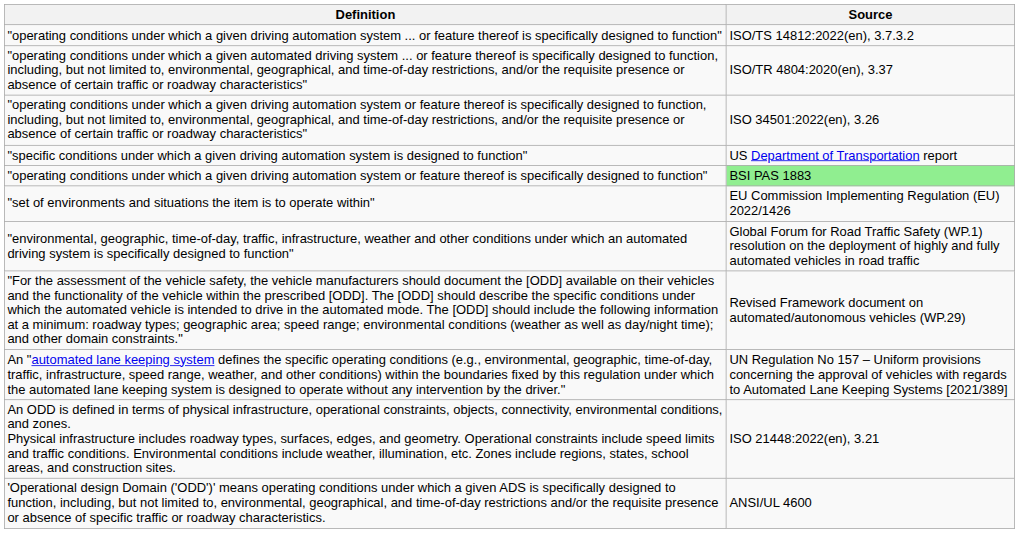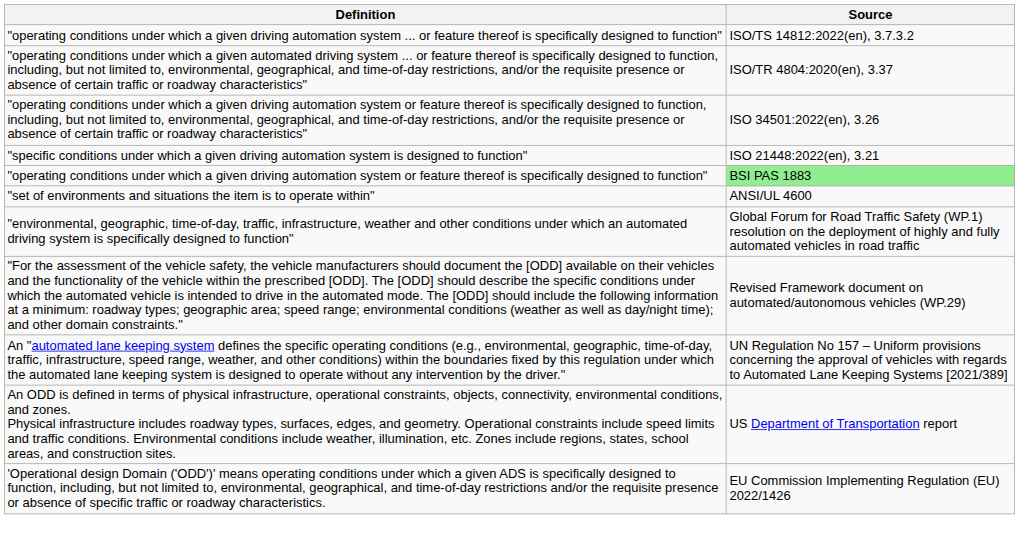 <table class="wikitable">
 <tr>
 <th>Definition</th>
 <th>Source</th>
 </tr>
 <tr>
 <td>"operating conditions under which a given driving automation system ... or feature thereof is specifically designed to function"</td>
 <td>ISO/TS 14812:2022(en), 3.7.3.2</td>
 </tr>
 <tr>
 <td>"operating conditions under which a given automated driving system ... or feature thereof is specifically designed to function, including, but not limited to, environmental, geographical, and time-of-day restrictions, and/or the requisite presence or absence of certain traffic or roadway characteristics"</td>
 <td>ISO/TR 4804:2020(en), 3.37</td>
 </tr>
 <tr>
 <td>"operating conditions under which a given driving automation system or feature thereof is specifically designed to function, including, but not limited to, environmental, geographical, and time-of-day restrictions, and/or the requisite presence or absence of certain traffic or roadway characteristics"</td>
 <td>ISO 34501:2022(en), 3.26</td>
 </tr>
 <tr>
 <td>"specific conditions under which a given driving automation system is designed to function"</td>
-<td>US <a href='#'>Department of Transportation</a> report</td>
+<td>ISO 21448:2022(en), 3.21</td>
 </tr>
 <tr>
 <td>"operating conditions under which a given driving automation system or feature thereof is specifically designed to function"</td>
 <td style="background: lightgreen;">BSI PAS 1883</td>
 </tr>
 <tr>
 <td>"set of environments and situations the item is to operate within"</td>
-<td>EU Commission Implementing Regulation (EU) 2022/1426</td>
+<td>ANSI/UL 4600</td>
 </tr>
 <tr>
 <td>"environmental, geographic, time-of-day, traffic, infrastructure, weather and other conditions under which an automated driving system is specifically designed to function"</td>
 <td>Global Forum for Road Traffic Safety (WP.1) resolution on the deployment of highly and fully automated vehicles in road traffic</td>
 </tr>
 <tr>
 <td>"For the assessment of the vehicle safety, the vehicle manufacturers should document the [ODD] available on their vehicles and the functionality of the vehicle within the prescribed [ODD]. The [ODD] should describe the specific conditions under which the automated vehicle is intended to drive in the automated mode. The [ODD] should include the following information at a minimum: roadway types; geographic area; speed range; environmental conditions (weather as well as day/night time); and other domain constraints."</td>
 <td>Revised Framework document on automated/autonomous vehicles (WP.29)</td>
 </tr>
 <tr>
 <td>An "<a href='#'>automated lane keeping system</a> defines the specific operating conditions (e.g., environmental, geographic, time-of-day, traffic, infrastructure, speed range, weather, and other conditions) within the boundaries fixed by this regulation under which the automated lane keeping system is designed to operate without any intervention by the driver."</td>
 <td>UN Regulation No 157 – Uniform provisions concerning the approval of vehicles with regards to Automated Lane Keeping Systems [2021/389]</td>
 </tr>
 <tr>
 <td>An ODD is defined in terms of physical infrastructure, operational constraints, objects, connectivity, environmental conditions, and zones.<br>Physical infrastructure includes roadway types, surfaces, edges, and geometry. Operational constraints include speed limits and traffic conditions. Environmental conditions include weather, illumination, etc. Zones include regions, states, school areas, and construction sites.</td>
-<td>ISO 21448:2022(en), 3.21</td>
+<td>US <a href='#'>Department of Transportation</a> report</td>
 </tr>
 <tr>
 <td>'Operational design Domain ('ODD')' means operating conditions under which a given ADS is specifically designed to function, including, but not limited to, environmental, geographical, and time-of-day restrictions and/or the requisite presence or absence of specific traffic or roadway characteristics.</td>
-<td>ANSI/UL 4600</td>
+<td>EU Commission Implementing Regulation (EU) 2022/1426</td>
 </tr>
 </table>
